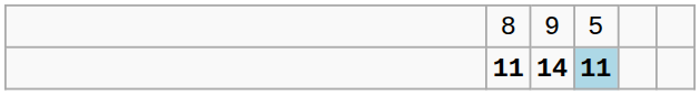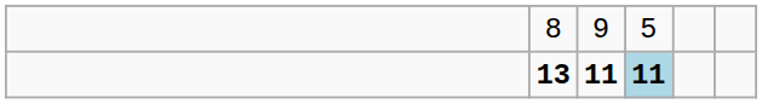 <table class="wikitable">
 <tr>
 <td style="width:18em"></td>
 <td align=center style="width:1em">8</td>
 <td align=center style="width:1em">9</td>
 <td align=center style="width:1em">5</td>
 <td align=center style="width:1em"></td>
 <td align=center style="width:1em"></td>
 </tr>
 <tr>
 <td style="width:18em"></td>
+<td align=center style="width:1em"><strong>13</strong></td>
 <td align=center style="width:1em"><strong>11</strong></td>
-<td align=center style="width:1em"><strong>14</strong></td>
 <td align=center style="background: lightblue; width:1em"><strong>11</strong></td>
 <td align=center style="width:1em"></td>
 <td align=center style="width:1em"></td>
 </tr>
 </table>
